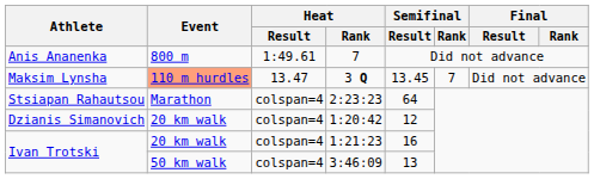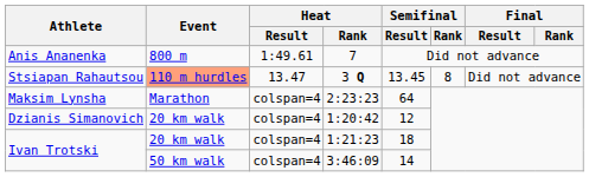 <table class="wikitable" style="font-size:90%">
 <tr>
 <th rowspan="2">Athlete</th>
 <th rowspan="2">Event</th>
 <th colspan="2">Heat</th>
 <th colspan="2">Semifinal</th>
 <th colspan="2">Final</th>
 </tr>
 <tr style="font-size:95%">
 <th>Result</th>
 <th>Rank</th>
 <th>Result</th>
 <th>Rank</th>
 <th>Result</th>
 <th>Rank</th>
 </tr>
 <tr align=center>
 <td align=left><a href='#'>Anis Ananenka</a></td>
 <td align=left><a href='#'>800 m</a></td>
 <td>1:49.61</td>
 <td>7</td>
 <td colspan=4>Did not advance</td>
 </tr>
 <tr align=center>
-<td align=left><a href='#'>Maksim Lynsha</a></td>
+<td align=left><a href='#'>Stsiapan Rahautsou</a></td>
 <td align=left style="background: lightsalmon;"><a href='#'>110 m hurdles</a></td>
 <td>13.47</td>
 <td>3 <strong>Q</strong></td>
 <td>13.45</td>
-<td>7</td>
+<td>8</td>
 <td colspan=2>Did not advance</td>
 </tr>
 <tr align=center>
-<td align=left><a href='#'>Stsiapan Rahautsou</a></td>
+<td align=left><a href='#'>Maksim Lynsha</a></td>
 <td align=left><a href='#'>Marathon</a></td>
 <td>colspan=4 </td>
 <td>2:23:23</td>
 <td>64</td>
 </tr>
 <tr align=center>
 <td align=left><a href='#'>Dzianis Simanovich</a></td>
 <td align=left><a href='#'>20 km walk</a></td>
 <td>colspan=4 </td>
 <td>1:20:42</td>
 <td>12</td>
 </tr>
 <tr align=center>
 <td align=left rowspan=2><a href='#'>Ivan Trotski</a></td>
 <td align=left><a href='#'>20 km walk</a></td>
 <td>colspan=4 </td>
 <td>1:21:23</td>
-<td>16</td>
+<td>18</td>
 </tr>
 <tr align=center>
 <td align=left><a href='#'>50 km walk</a></td>
 <td>colspan=4 </td>
 <td>3:46:09</td>
-<td>13</td>
+<td>14</td>
 </tr>
 </table>
